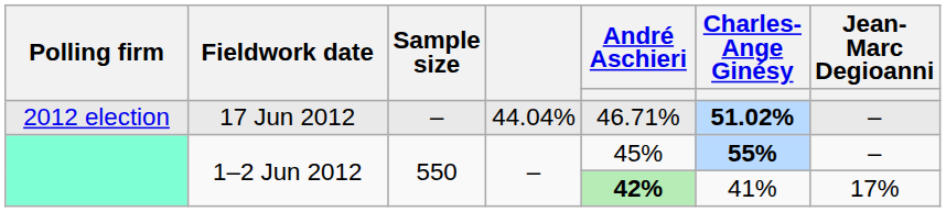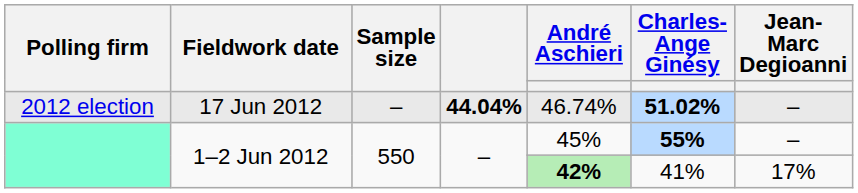 <table class="wikitable sortable" style="text-align:center;font-size:90%;line-height:14px;">
 <tr style="height:40px;">
 <th style="width:100px;" rowspan="2">Polling firm</th>
 <th style="width:110px;" rowspan="2">Fieldwork date</th>
 <th style="width:35px;" rowspan="2">Sample<br>size</th>
 <th style="width:30px;" rowspan="2"></th>
 <th class="unsortable" style="width:60px;"><a href='#'>André Aschieri</a><br></th>
 <th class="unsortable" style="width:60px;"><a href='#'>Charles-Ange Ginésy</a><br></th>
 <th class="unsortable" style="width:60px;">Jean-Marc Degioanni<br></th>
 </tr>
 <tr>
 <th style="background:"></th>
 <th style="background:"></th>
 <th style="background:"></th>
 </tr>
 <tr style="background:#E9E9E9;">
 <td><a href='#'>2012 election</a></td>
 <td data-sort-value="2012-06-17">17 Jun 2012</td>
 <td>–</td>
-<td>44.04%</td>
-<td>46.71%</td>
+<td><strong>44.04%</strong></td>
+<td>46.74%</td>
 <td style="background:#B9DAFF;"><strong>51.02%</strong></td>
 <td>–</td>
 </tr>
 <tr>
 <td rowspan="2" style="background:aquamarine;"></td>
 <td rowspan="2" data-sort-value="2012-06-02">1–2 Jun 2012</td>
 <td rowspan="2">550</td>
 <td rowspan="2">–</td>
 <td>45%</td>
 <td style="background:#B9DAFF;"><strong>55%</strong></td>
 <td>–</td>
 </tr>
 <tr>
 <td style="background:#B6EDB6;"><strong>42%</strong></td>
 <td>41%</td>
 <td>17%</td>
 </tr>
 </table>
